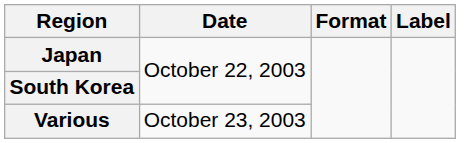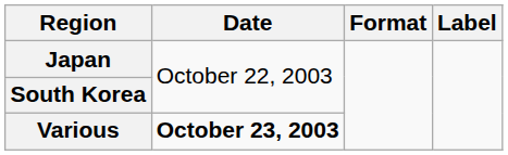 <table class="wikitable plainrowheaders">
 <tr>
 <th scope="col">Region</th>
 <th scope="col">Date</th>
 <th scope="col">Format</th>
 <th scope="col">Label</th>
 </tr>
 <tr>
 <th scope="row">Japan</th>
 <td rowspan="2">October 22, 2003</td>
 <td rowspan="3"></td>
 <td rowspan="3"></td>
 </tr>
 <tr>
 <th scope="row">South Korea</th>
 </tr>
 <tr>
 <th scope="row">Various</th>
-<td>October 23, 2003</td>
+<td><strong>October 23, 2003</strong></td>
 </tr>
 </table>
